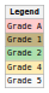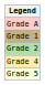 <table class="wikitable" style="font-size:85%;">
 <tr>
 <th>Legend</th>
 </tr>
 <tr bgcolor=ffcccc>
 <td>Grade A</td>
 </tr>
 <tr bgcolor="#C2B280">
 <td>Grade 1</td>
 </tr>
 <tr bgcolor="#ADDFAD">
 <td>Grade 2</td>
 </tr>
 <tr bgcolor="#ffecb2">
 <td>Grade 4</td>
 </tr>
 <tr>
-<td>Grade 5</td>
+<td style="background: lightyellow;">Grade 5</td>
 </tr>
 </table>
